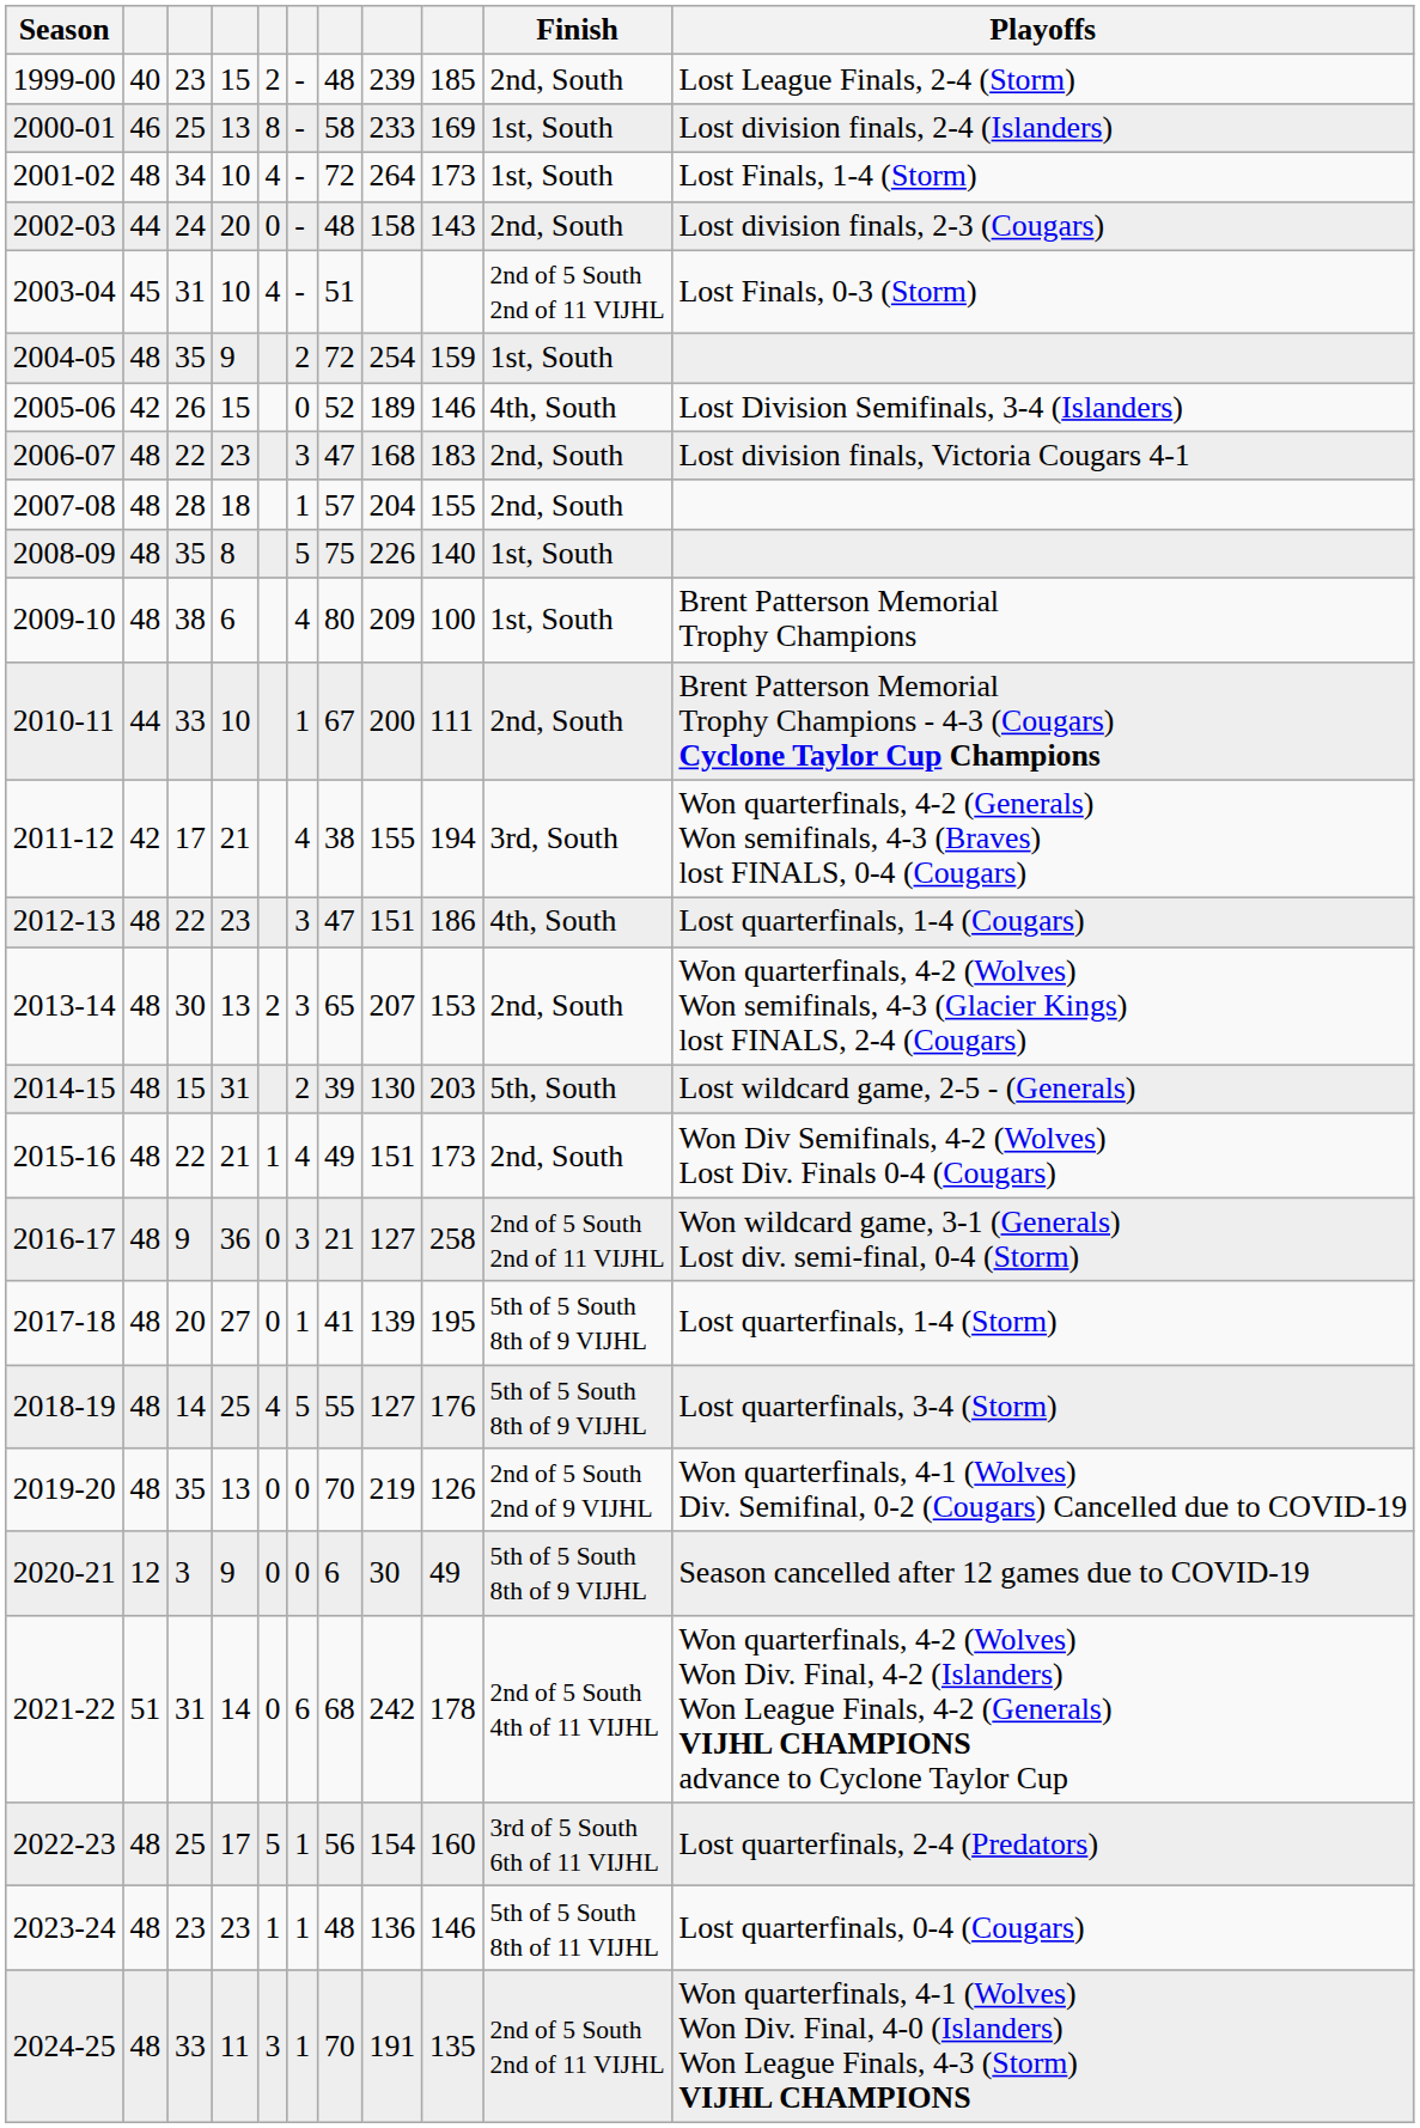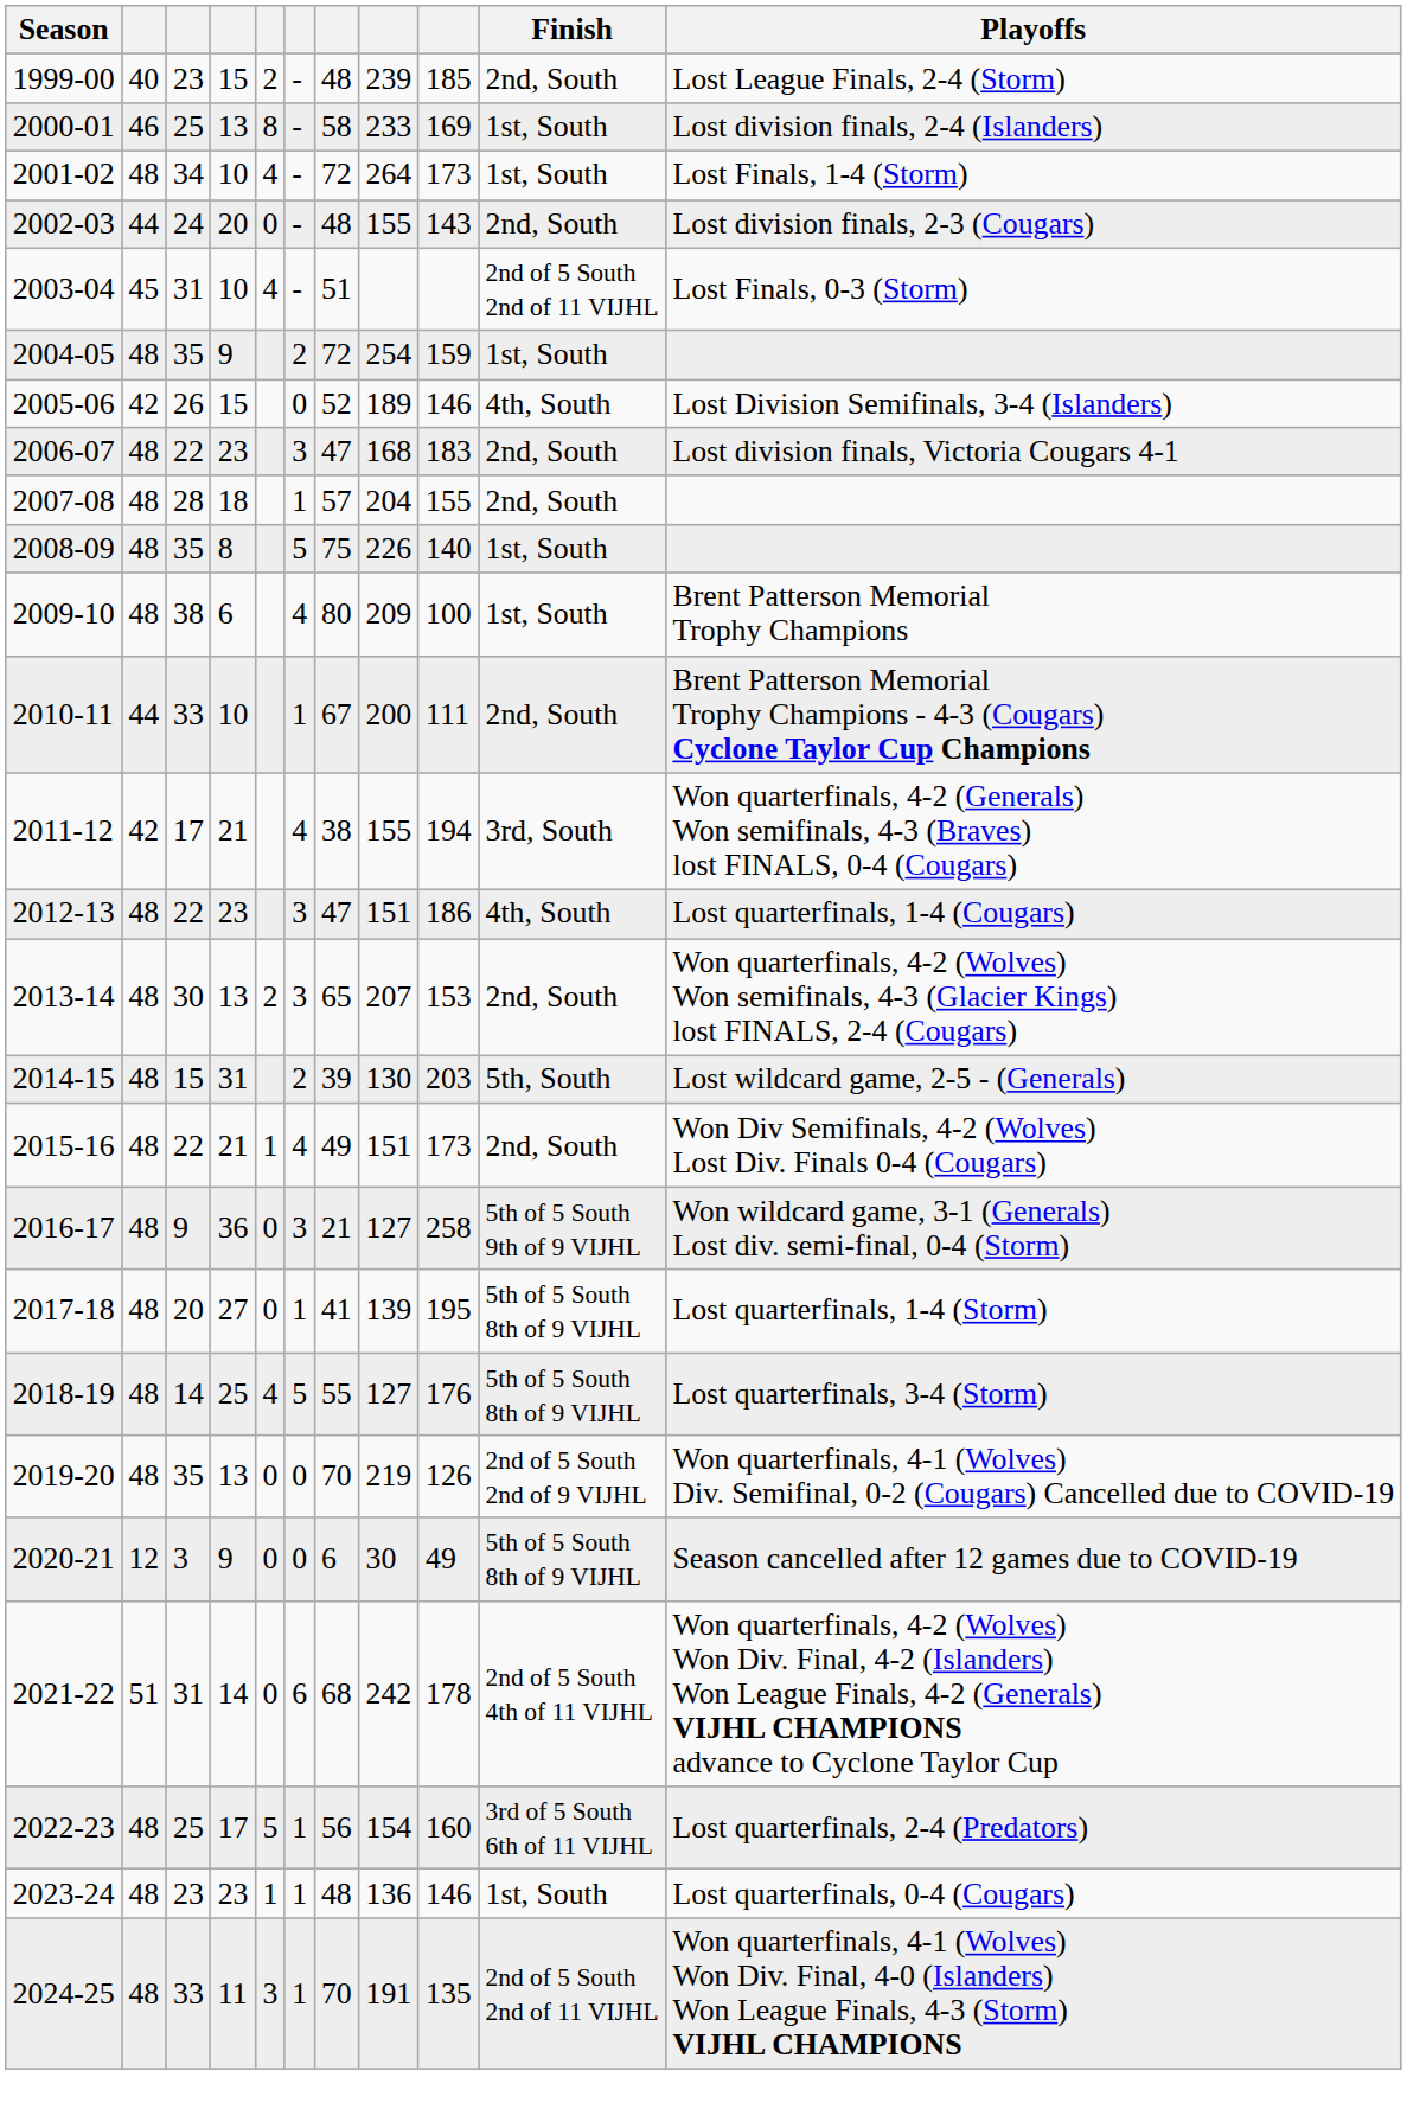 <table class="wikitable">
 <tr>
 <th>Season</th>
 <th></th>
 <th></th>
 <th></th>
 <th></th>
 <th></th>
 <th></th>
 <th></th>
 <th></th>
 <th>Finish</th>
 <th>Playoffs</th>
 </tr>
 <tr>
 <td>1999-00</td>
 <td>40</td>
 <td>23</td>
 <td>15</td>
 <td>2</td>
 <td>-</td>
 <td>48</td>
 <td>239</td>
 <td>185</td>
 <td>2nd, South</td>
 <td>Lost League Finals, 2-4 (<a href='#'>Storm</a>)</td>
 </tr>
 <tr style="background:#eee;">
 <td>2000-01</td>
 <td>46</td>
 <td>25</td>
 <td>13</td>
 <td>8</td>
 <td>-</td>
 <td>58</td>
 <td>233</td>
 <td>169</td>
 <td>1st, South</td>
 <td>Lost division finals, 2-4 (<a href='#'>Islanders</a>)</td>
 </tr>
 <tr>
 <td>2001-02</td>
 <td>48</td>
 <td>34</td>
 <td>10</td>
 <td>4</td>
 <td>-</td>
 <td>72</td>
 <td>264</td>
 <td>173</td>
 <td>1st, South</td>
 <td>Lost Finals, 1-4 (<a href='#'>Storm</a>)</td>
 </tr>
 <tr style="background:#eee;">
 <td>2002-03</td>
 <td>44</td>
 <td>24</td>
 <td>20</td>
 <td>0</td>
 <td>-</td>
 <td>48</td>
-<td>158</td>
+<td>155</td>
 <td>143</td>
 <td>2nd, South</td>
 <td>Lost division finals, 2-3 (<a href='#'>Cougars</a>)</td>
 </tr>
 <tr>
 <td>2003-04</td>
 <td>45</td>
 <td>31</td>
 <td>10</td>
 <td>4</td>
 <td>-</td>
 <td>51</td>
 <td></td>
 <td></td>
 <td><small>2nd of 5 South<br>2nd of 11 VIJHL </small></td>
 <td>Lost Finals, 0-3 (<a href='#'>Storm</a>)</td>
 </tr>
 <tr style="background:#eee;">
 <td>2004-05</td>
 <td>48</td>
 <td>35</td>
 <td>9</td>
 <td></td>
 <td>2</td>
 <td>72</td>
 <td>254</td>
 <td>159</td>
 <td>1st, South</td>
 <td></td>
 </tr>
 <tr>
 <td>2005-06</td>
 <td>42</td>
 <td>26</td>
 <td>15</td>
 <td></td>
 <td>0</td>
 <td>52</td>
 <td>189</td>
 <td>146</td>
 <td>4th, South</td>
 <td>Lost Division Semifinals, 3-4 (<a href='#'>Islanders</a>)</td>
 </tr>
 <tr style="background:#eee;">
 <td>2006-07</td>
 <td>48</td>
 <td>22</td>
 <td>23</td>
 <td></td>
 <td>3</td>
 <td>47</td>
 <td>168</td>
 <td>183</td>
 <td>2nd, South</td>
 <td>Lost division finals,  Victoria Cougars 4-1</td>
 </tr>
 <tr>
 <td>2007-08</td>
 <td>48</td>
 <td>28</td>
 <td>18</td>
 <td></td>
 <td>1</td>
 <td>57</td>
 <td>204</td>
 <td>155</td>
 <td>2nd, South</td>
 <td></td>
 </tr>
 <tr style="background:#eee;">
 <td>2008-09</td>
 <td>48</td>
 <td>35</td>
 <td>8</td>
 <td></td>
 <td>5</td>
 <td>75</td>
 <td>226</td>
 <td>140</td>
 <td>1st, South</td>
 <td></td>
 </tr>
 <tr>
 <td>2009-10</td>
 <td>48</td>
 <td>38</td>
 <td>6</td>
 <td></td>
 <td>4</td>
 <td>80</td>
 <td>209</td>
 <td>100</td>
 <td>1st, South</td>
 <td>Brent Patterson Memorial<br> Trophy Champions</td>
 </tr>
 <tr style="background:#eee;">
 <td>2010-11</td>
 <td>44</td>
 <td>33</td>
 <td>10</td>
 <td></td>
 <td>1</td>
 <td>67</td>
 <td>200</td>
 <td>111</td>
 <td>2nd, South</td>
 <td>Brent Patterson Memorial<br> Trophy Champions - 4-3 (<a href='#'>Cougars</a>)<br> <strong><a href='#'>Cyclone Taylor Cup</a> Champions</strong></td>
 </tr>
 <tr>
 <td>2011-12</td>
 <td>42</td>
 <td>17</td>
 <td>21</td>
 <td></td>
 <td>4</td>
 <td>38</td>
 <td>155</td>
 <td>194</td>
 <td>3rd, South</td>
 <td>Won quarterfinals, 4-2 (<a href='#'>Generals</a>)<br>Won semifinals, 4-3 (<a href='#'>Braves</a>)<br>lost FINALS, 0-4 (<a href='#'>Cougars</a>)</td>
 </tr>
 <tr style="background:#eee;">
 <td>2012-13</td>
 <td>48</td>
 <td>22</td>
 <td>23</td>
 <td></td>
 <td>3</td>
 <td>47</td>
 <td>151</td>
 <td>186</td>
 <td>4th, South</td>
 <td>Lost quarterfinals, 1-4 (<a href='#'>Cougars</a>)</td>
 </tr>
 <tr>
 <td>2013-14</td>
 <td>48</td>
 <td>30</td>
 <td>13</td>
 <td>2</td>
 <td>3</td>
 <td>65</td>
 <td>207</td>
 <td>153</td>
 <td>2nd, South</td>
 <td>Won quarterfinals, 4-2 (<a href='#'>Wolves</a>)<br>Won semifinals, 4-3 (<a href='#'>Glacier Kings</a>)<br>lost FINALS, 2-4 (<a href='#'>Cougars</a>)</td>
 </tr>
 <tr style="background:#eee;">
 <td>2014-15</td>
 <td>48</td>
 <td>15</td>
 <td>31</td>
 <td></td>
 <td>2</td>
 <td>39</td>
 <td>130</td>
 <td>203</td>
 <td>5th, South</td>
 <td>Lost wildcard game, 2-5 - (<a href='#'>Generals</a>)</td>
 </tr>
 <tr>
 <td>2015-16</td>
 <td>48</td>
 <td>22</td>
 <td>21</td>
 <td>1</td>
 <td>4</td>
 <td>49</td>
 <td>151</td>
 <td>173</td>
 <td>2nd, South</td>
 <td>Won Div Semifinals, 4-2 (<a href='#'>Wolves</a>)<br>Lost Div. Finals 0-4 (<a href='#'>Cougars</a>)</td>
 </tr>
 <tr style="background:#eee;">
 <td>2016-17</td>
 <td>48</td>
 <td>9</td>
 <td>36</td>
 <td>0</td>
 <td>3</td>
 <td>21</td>
 <td>127</td>
 <td>258</td>
-<td><small>2nd of 5 South<br>2nd of 11 VIJHL </small></td>
+<td><small>5th of 5 South<br>9th of 9 VIJHL</small></td>
 <td>Won wildcard game, 3-1 (<a href='#'>Generals</a>)<br>Lost div. semi-final, 0-4 (<a href='#'>Storm</a>)</td>
 </tr>
 <tr>
 <td>2017-18</td>
 <td>48</td>
 <td>20</td>
 <td>27</td>
 <td>0</td>
 <td>1</td>
 <td>41</td>
 <td>139</td>
 <td>195</td>
 <td><small>5th of 5 South<br>8th of 9 VIJHL </small></td>
 <td>Lost quarterfinals, 1-4 (<a href='#'>Storm</a>)</td>
 </tr>
 <tr style="background:#eee;">
 <td>2018-19</td>
 <td>48</td>
 <td>14</td>
 <td>25</td>
 <td>4</td>
 <td>5</td>
 <td>55</td>
 <td>127</td>
 <td>176</td>
 <td><small> 5th of 5 South<br>8th of 9 VIJHL </small></td>
 <td>Lost quarterfinals, 3-4 (<a href='#'>Storm</a>)</td>
 </tr>
 <tr>
 <td>2019-20</td>
 <td>48</td>
 <td>35</td>
 <td>13</td>
 <td>0</td>
 <td>0</td>
 <td>70</td>
 <td>219</td>
 <td>126</td>
 <td><small> 2nd of 5 South<br>2nd of 9 VIJHL </small></td>
 <td>Won quarterfinals, 4-1 (<a href='#'>Wolves</a>)<br>Div. Semifinal, 0-2 (<a href='#'>Cougars</a>) Cancelled due to COVID-19</td>
 </tr>
 <tr style="background:#eee;">
 <td>2020-21</td>
 <td>12</td>
 <td>3</td>
 <td>9</td>
 <td>0</td>
 <td>0</td>
 <td>6</td>
 <td>30</td>
 <td>49</td>
 <td><small> 5th of 5 South<br>8th of 9 VIJHL </small></td>
 <td>Season cancelled after 12 games due to COVID-19</td>
 </tr>
 <tr>
 <td>2021-22</td>
 <td>51</td>
 <td>31</td>
 <td>14</td>
 <td>0</td>
 <td>6</td>
 <td>68</td>
 <td>242</td>
 <td>178</td>
 <td><small>2nd of 5 South<br>4th of 11 VIJHL </small></td>
 <td>Won quarterfinals, 4-2 (<a href='#'>Wolves</a>)<br>Won Div. Final, 4-2 (<a href='#'>Islanders</a>)<br>Won League Finals, 4-2 (<a href='#'>Generals</a>)<br><strong>VIJHL CHAMPIONS</strong><br>advance to Cyclone Taylor Cup</td>
 </tr>
 <tr style="background:#eee;">
 <td>2022-23</td>
 <td>48</td>
 <td>25</td>
 <td>17</td>
 <td>5</td>
 <td>1</td>
 <td>56</td>
 <td>154</td>
 <td>160</td>
 <td><small>3rd of 5 South<br>6th of 11 VIJHL </small></td>
 <td>Lost quarterfinals, 2-4 (<a href='#'>Predators</a>)</td>
 </tr>
 <tr>
 <td>2023-24</td>
 <td>48</td>
 <td>23</td>
 <td>23</td>
 <td>1</td>
 <td>1</td>
 <td>48</td>
 <td>136</td>
 <td>146</td>
-<td><small>5th of 5 South<br>8th of 11 VIJHL </small></td>
+<td>1st, South</td>
 <td>Lost quarterfinals, 0-4 (<a href='#'>Cougars</a>)</td>
 </tr>
 <tr style="background:#eee;">
 <td>2024-25</td>
 <td>48</td>
 <td>33</td>
 <td>11</td>
 <td>3</td>
 <td>1</td>
 <td>70</td>
 <td>191</td>
 <td>135</td>
 <td><small>2nd of 5 South<br>2nd of 11 VIJHL </small></td>
 <td>Won quarterfinals, 4-1 (<a href='#'>Wolves</a>)<br>Won Div. Final, 4-0 (<a href='#'>Islanders</a>)<br>Won League Finals, 4-3 (<a href='#'>Storm</a>)<br><strong>VIJHL CHAMPIONS</strong></td>
 </tr>
 </table>
